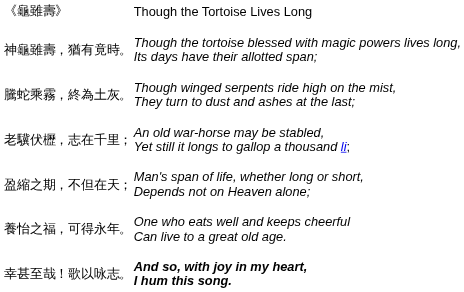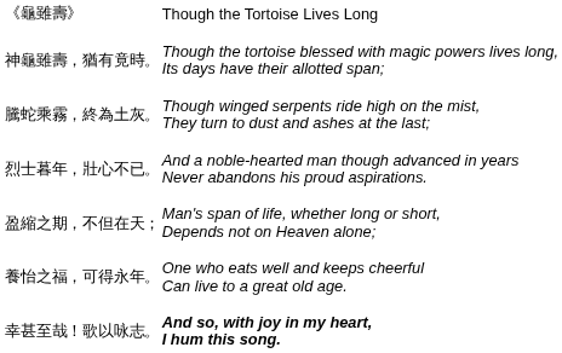 <table border="0" cellpadding="0" style="margin: 1em auto;">
 <tr>
 <td style="font-size:100%"><br>《龜雖壽》</td>
 <td><br>Though the Tortoise Lives Long</td>
 </tr>
 <tr>
 <td style="font-size:100%"><br>神龜雖壽，猶有竟時。</td>
 <td><br><em>Though the tortoise blessed with magic powers lives long,</em><br> <em>Its days have their allotted span;</em></td>
 </tr>
 <tr>
 <td style="font-size:100%"><br>騰蛇乘霧，終為土灰。</td>
 <td><br><em>Though winged serpents ride high on the mist,</em><br> <em>They turn to dust and ashes at the last;</em></td>
 </tr>
 <tr>
-<td style="font-size:100%"><br>老驥伏櫪，志在千里；</td>
-<td><br><em>An old war-horse may be stabled,</em><br> <em>Yet still it longs to gallop a thousand <a href='#'>li</a></em>;</td>
+<td style="font-size:100%"><br>烈士暮年，壯心不已。</td>
+<td><br><em>And a noble-hearted man though advanced in years</em><br> <em>Never abandons his proud aspirations.</em></td>
 </tr>
 <tr>
 <td style="font-size:100%"><br>盈縮之期，不但在天；</td>
 <td><br><em>Man's span of life, whether long or short,</em><br> <em>Depends not on Heaven alone;</em></td>
 </tr>
 <tr>
 <td style="font-size:100%"><br>養怡之福，可得永年。</td>
 <td><br><em>One who eats well and keeps cheerful</em><br> <em>Can live to a great old age.</em></td>
 </tr>
 <tr>
 <td style="font-size:100%"><br>幸甚至哉！歌以咏志。</td>
 <td><strong><br><em>And so, with joy in my heart,</em><br> <em>I hum this song.</em></strong></td>
 </tr>
 </table>
